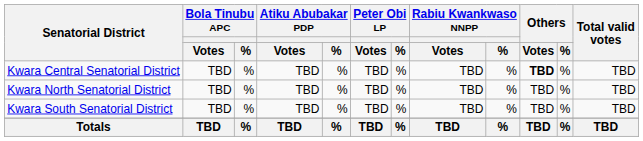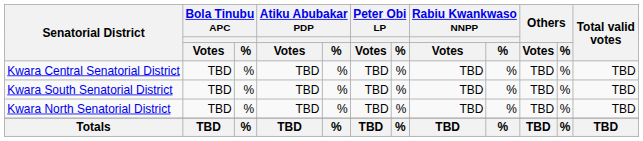 <table class="wikitable sortable" style="text-align:right; font-size:90%">
 <tr>
 <th rowspan="3" style="max-width:7.5em;">Senatorial District</th>
 <th colspan="2"><a href='#'>Bola Tinubu</a><br><small>APC</small></th>
 <th colspan="2"><a href='#'>Atiku Abubakar</a><br><small>PDP</small></th>
 <th colspan="2"><a href='#'>Peter Obi</a><br><small>LP</small></th>
 <th colspan="2"><a href='#'>Rabiu Kwankwaso</a><br><small>NNPP</small></th>
 <th colspan="2" rowspan="2">Others</th>
 <th rowspan="3" style="max-width:5em;">Total valid votes</th>
 </tr>
 <tr>
 <th colspan=2 style="background-color:"></th>
 <th colspan=2 style="background-color:"></th>
 <th colspan=2 style="background-color:"></th>
 <th colspan=2 style="background-color:"></th>
 </tr>
 <tr>
 <th>Votes</th>
 <th>%</th>
 <th>Votes</th>
 <th>%</th>
 <th>Votes</th>
 <th>%</th>
 <th>Votes</th>
 <th>%</th>
 <th>Votes</th>
 <th>%</th>
 </tr>
 <tr style="background-color:#">
 <td style="text-align:left;"><a href='#'>Kwara Central Senatorial District</a></td>
 <td>TBD</td>
 <td>%</td>
 <td>TBD</td>
 <td>%</td>
 <td>TBD</td>
 <td>%</td>
 <td>TBD</td>
 <td>%</td>
-<td><strong>TBD</strong></td>
+<td>TBD</td>
 <td>%</td>
 <td>TBD</td>
 </tr>
 <tr style="background-color:#">
-<td style="text-align:left;"><a href='#'>Kwara North Senatorial District</a></td>
+<td style="text-align:left;"><a href='#'>Kwara South Senatorial District</a></td>
 <td>TBD</td>
 <td>%</td>
 <td>TBD</td>
 <td>%</td>
 <td>TBD</td>
 <td>%</td>
 <td>TBD</td>
 <td>%</td>
 <td>TBD</td>
 <td>%</td>
 <td>TBD</td>
 </tr>
 <tr style="background-color:#">
-<td style="text-align:left;"><a href='#'>Kwara South Senatorial District</a></td>
+<td style="text-align:left;"><a href='#'>Kwara North Senatorial District</a></td>
 <td>TBD</td>
 <td>%</td>
 <td>TBD</td>
 <td>%</td>
 <td>TBD</td>
 <td>%</td>
 <td>TBD</td>
 <td>%</td>
 <td>TBD</td>
 <td>%</td>
 <td>TBD</td>
 </tr>
 <tr>
 </tr>
 <tr>
 <th>Totals</th>
 <th>TBD</th>
 <th>%</th>
 <th>TBD</th>
 <th>%</th>
 <th>TBD</th>
 <th>%</th>
 <th>TBD</th>
 <th>%</th>
 <th>TBD</th>
 <th>%</th>
 <th>TBD</th>
 </tr>
 </table>
